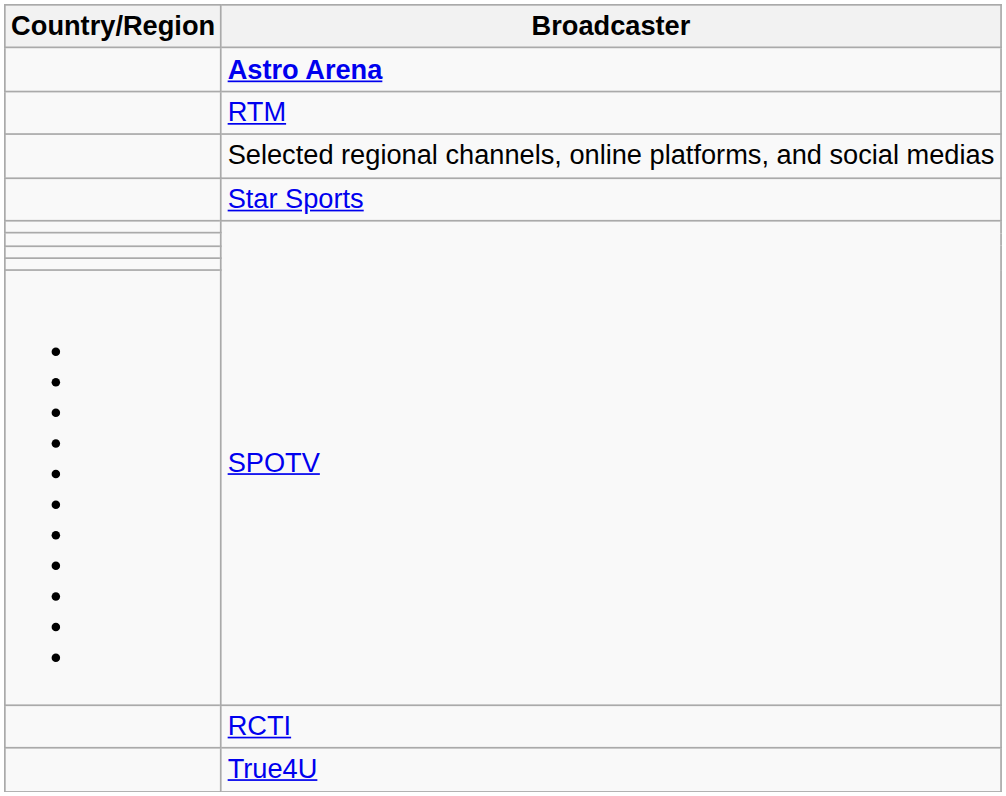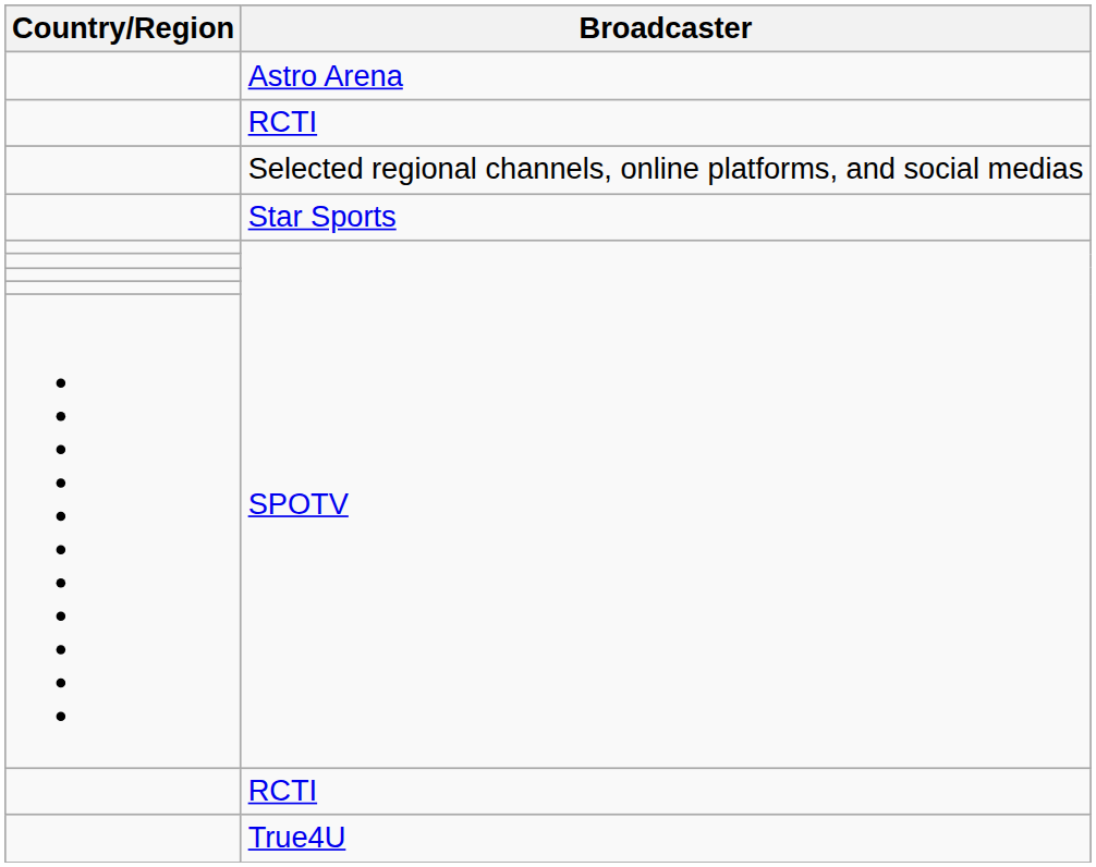 <table class="wikitable">
 <tr>
 <th>Country/Region</th>
 <th>Broadcaster</th>
 </tr>
 <tr>
 <td> </td>
-<td><strong><a href='#'>Astro Arena</a></strong></td>
+<td><a href='#'>Astro Arena</a></td>
 </tr>
 <tr>
 <td></td>
-<td><a href='#'>RTM</a></td>
+<td><a href='#'>RCTI</a></td>
 </tr>
 <tr>
 <td rowspan="2"></td>
 <td>Selected regional channels, online platforms, and social medias</td>
 </tr>
 <tr>
 <td rowspan="2"><a href='#'>Star Sports</a></td>
 </tr>
 <tr>
 <td></td>
 </tr>
 <tr>
 <td></td>
 <td rowspan="5"><a href='#'>SPOTV</a></td>
 </tr>
 <tr>
 <td></td>
 </tr>
 <tr>
 <td></td>
 </tr>
 <tr>
 <td></td>
 </tr>
 <tr>
 <td><br><ul><li></li><li></li><li></li><li></li><li></li><li></li><li></li><li></li><li></li><li></li><li></li></ul></td>
 </tr>
 <tr>
 <td></td>
 <td><a href='#'>RCTI</a></td>
 </tr>
 <tr>
 <td></td>
 <td><a href='#'>True4U</a></td>
 </tr>
 </table>
